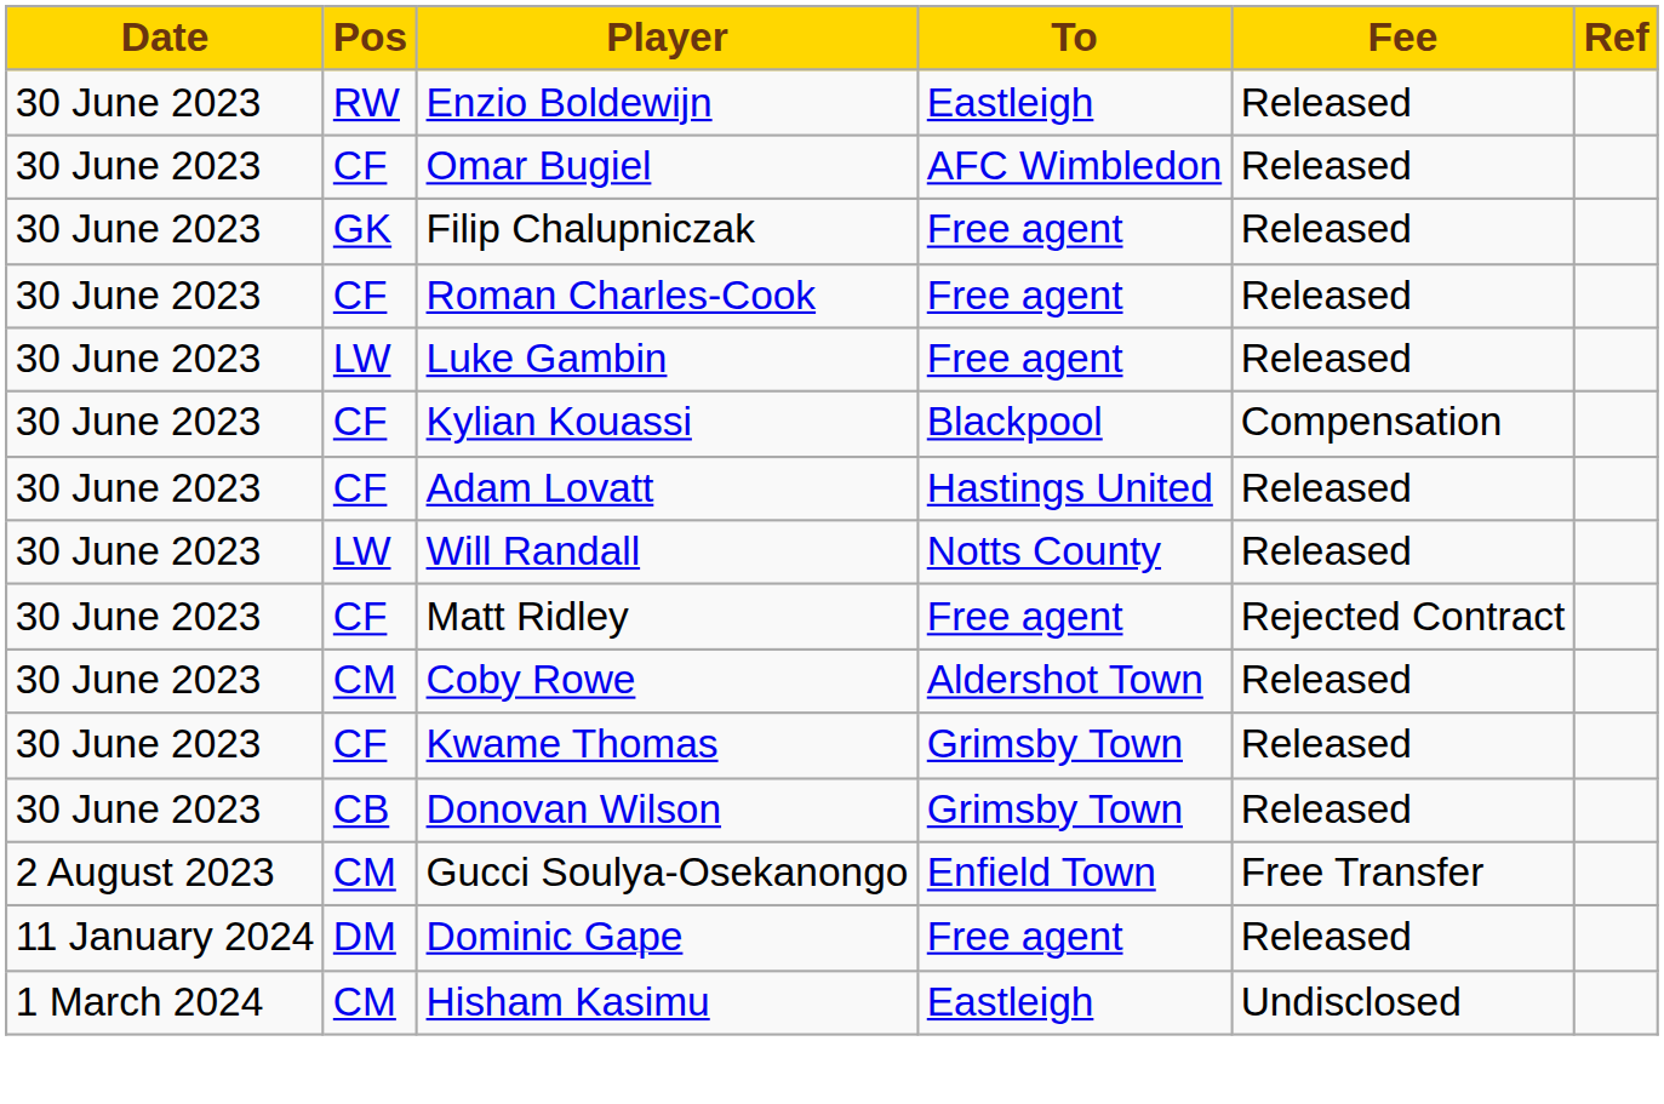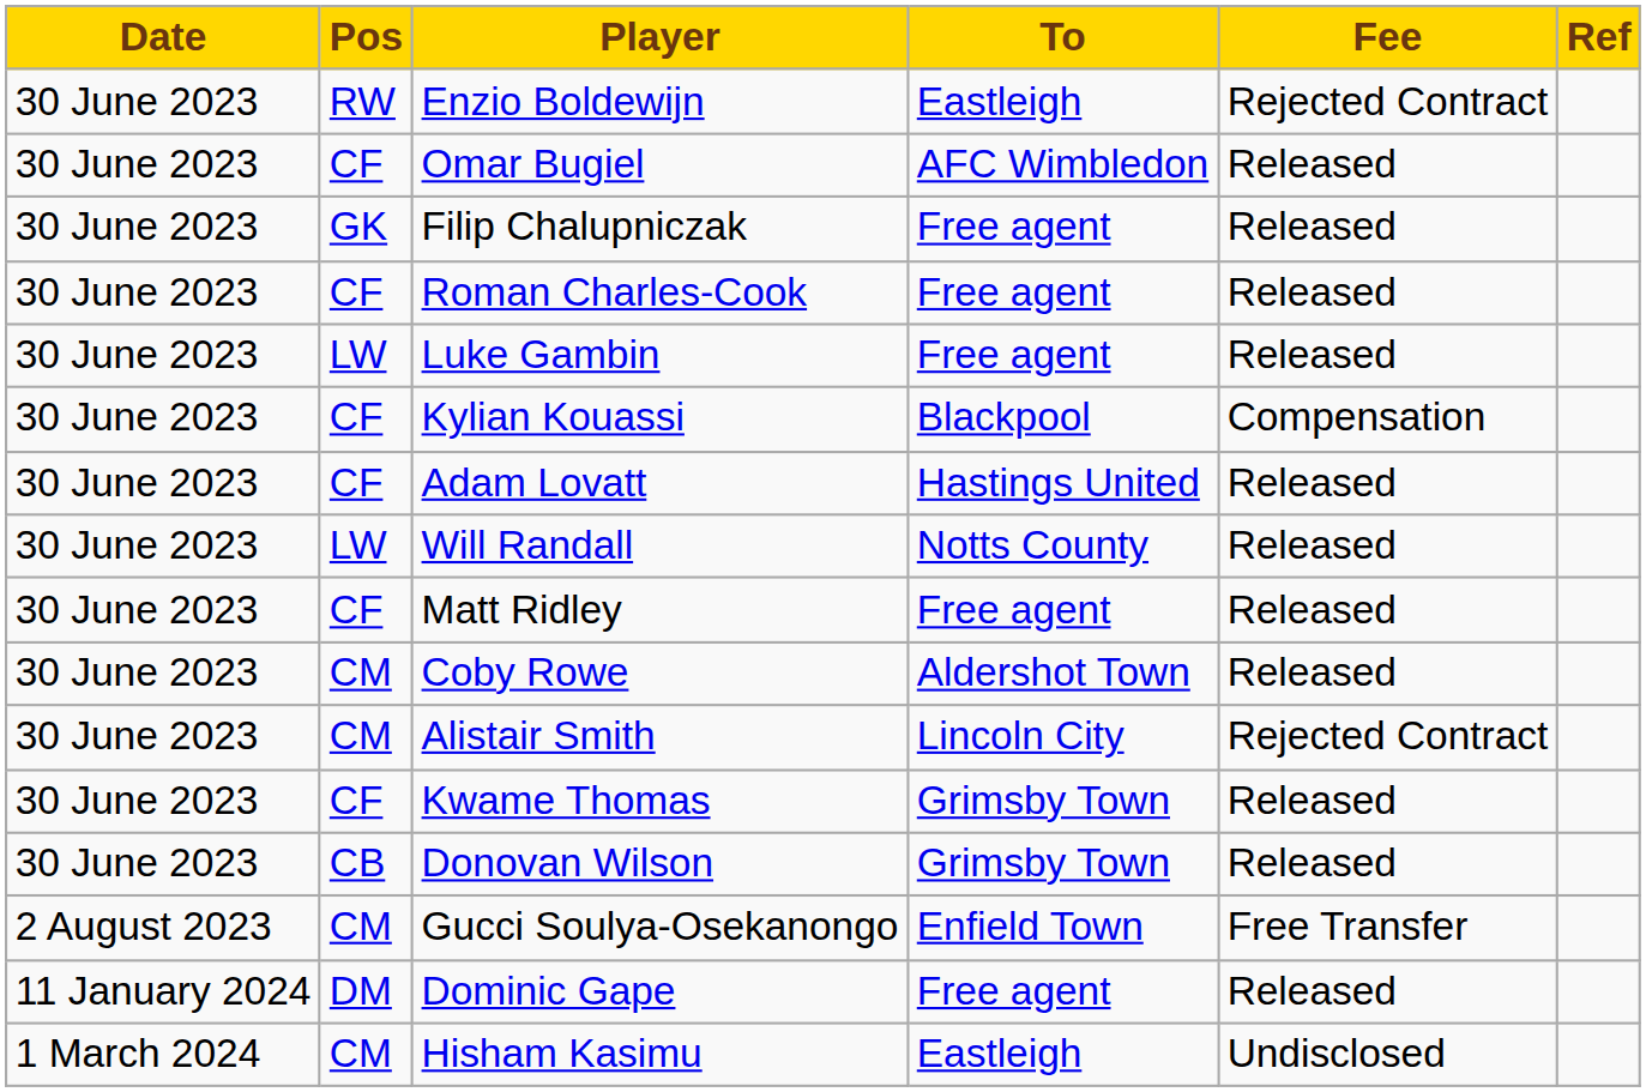 <table class="wikitable plainrowheaders sortable">
 <tr>
 <th style="background:#FFD700; color:#6A350F; ">Date</th>
 <th style="background:#FFD700; color:#6A350F; ">Pos</th>
 <th style="background:#FFD700; color:#6A350F; ">Player</th>
 <th style="background:#FFD700; color:#6A350F; ">To</th>
 <th style="background:#FFD700; color:#6A350F; ">Fee</th>
 <th style="background:#FFD700; color:#6A350F; ">Ref</th>
 </tr>
 <tr>
 <td>30 June 2023</td>
 <td><a href='#'>RW</a></td>
 <td> <a href='#'>Enzio Boldewijn</a></td>
 <td> <a href='#'>Eastleigh</a></td>
-<td>Released</td>
+<td>Rejected Contract</td>
 <td></td>
 </tr>
 <tr>
 <td>30 June 2023</td>
 <td><a href='#'>CF</a></td>
 <td> <a href='#'>Omar Bugiel</a></td>
 <td> <a href='#'>AFC Wimbledon</a></td>
 <td>Released</td>
 <td></td>
 </tr>
 <tr>
 <td>30 June 2023</td>
 <td><a href='#'>GK</a></td>
 <td> Filip Chalupniczak</td>
 <td> <a href='#'>Free agent</a></td>
 <td>Released</td>
 <td></td>
 </tr>
 <tr>
 <td>30 June 2023</td>
 <td><a href='#'>CF</a></td>
 <td> <a href='#'>Roman Charles-Cook</a></td>
 <td> <a href='#'>Free agent</a></td>
 <td>Released</td>
 <td></td>
 </tr>
 <tr>
 <td>30 June 2023</td>
 <td><a href='#'>LW</a></td>
 <td> <a href='#'>Luke Gambin</a></td>
 <td> <a href='#'>Free agent</a></td>
 <td>Released</td>
 <td></td>
 </tr>
 <tr>
 <td>30 June 2023</td>
 <td><a href='#'>CF</a></td>
 <td> <a href='#'>Kylian Kouassi</a></td>
 <td> <a href='#'>Blackpool</a></td>
 <td>Compensation</td>
 <td></td>
 </tr>
 <tr>
 <td>30 June 2023</td>
 <td><a href='#'>CF</a></td>
 <td> <a href='#'>Adam Lovatt</a></td>
 <td> <a href='#'>Hastings United</a></td>
 <td>Released</td>
 <td></td>
 </tr>
 <tr>
 <td>30 June 2023</td>
 <td><a href='#'>LW</a></td>
 <td> <a href='#'>Will Randall</a></td>
 <td> <a href='#'>Notts County</a></td>
 <td>Released</td>
 <td></td>
 </tr>
 <tr>
 <td>30 June 2023</td>
 <td><a href='#'>CF</a></td>
 <td> Matt Ridley</td>
 <td> <a href='#'>Free agent</a></td>
-<td>Rejected Contract</td>
+<td>Released</td>
 <td></td>
 </tr>
 <tr>
 <td>30 June 2023</td>
 <td><a href='#'>CM</a></td>
 <td> <a href='#'>Coby Rowe</a></td>
 <td> <a href='#'>Aldershot Town</a></td>
 <td>Released</td>
+<td></td>
+</tr>
+<tr>
+<td>30 June 2023</td>
+<td><a href='#'>CM</a></td>
+<td> <a href='#'>Alistair Smith</a></td>
+<td> <a href='#'>Lincoln City</a></td>
+<td>Rejected Contract</td>
 <td></td>
 </tr>
 <tr>
 <td>30 June 2023</td>
 <td><a href='#'>CF</a></td>
 <td> <a href='#'>Kwame Thomas</a></td>
 <td> <a href='#'>Grimsby Town</a></td>
 <td>Released</td>
 <td></td>
 </tr>
 <tr>
 <td>30 June 2023</td>
 <td><a href='#'>CB</a></td>
 <td> <a href='#'>Donovan Wilson</a></td>
 <td> <a href='#'>Grimsby Town</a></td>
 <td>Released</td>
 <td></td>
 </tr>
 <tr>
 <td>2 August 2023</td>
 <td><a href='#'>CM</a></td>
 <td> Gucci Soulya-Osekanongo</td>
 <td> <a href='#'>Enfield Town</a></td>
 <td>Free Transfer</td>
 <td></td>
 </tr>
 <tr>
 <td>11 January 2024</td>
 <td><a href='#'>DM</a></td>
 <td> <a href='#'>Dominic Gape</a></td>
 <td> <a href='#'>Free agent</a></td>
 <td>Released</td>
 <td></td>
 </tr>
 <tr>
 <td>1 March 2024</td>
 <td><a href='#'>CM</a></td>
 <td> <a href='#'>Hisham Kasimu</a></td>
 <td> <a href='#'>Eastleigh</a></td>
 <td>Undisclosed</td>
 <td></td>
 </tr>
 </table>
